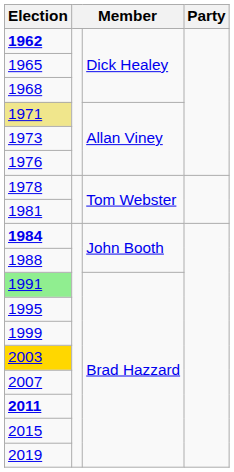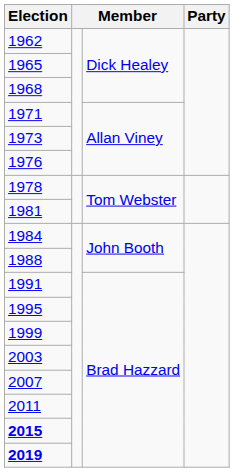 <table class="wikitable">
 <tr>
 <th>Election</th>
 <th colspan="2">Member</th>
 <th>Party</th>
 </tr>
 <tr>
-<td><strong><a href='#'>1962</a></strong></td>
+<td><a href='#'>1962</a></td>
 <td rowspan="6" > </td>
 <td rowspan="3"><a href='#'>Dick Healey</a></td>
 <td rowspan="6"></td>
 </tr>
 <tr>
 <td><a href='#'>1965</a></td>
 </tr>
 <tr>
 <td><a href='#'>1968</a></td>
 </tr>
 <tr>
-<td style="background: khaki;"><a href='#'>1971</a></td>
+<td><a href='#'>1971</a></td>
 <td rowspan="3"><a href='#'>Allan Viney</a></td>
 </tr>
 <tr>
 <td><a href='#'>1973</a></td>
 </tr>
 <tr>
 <td><a href='#'>1976</a></td>
 </tr>
 <tr>
 <td><a href='#'>1978</a></td>
 <td rowspan="2" > </td>
 <td rowspan="2"><a href='#'>Tom Webster</a></td>
 <td rowspan="2"></td>
 </tr>
 <tr>
 <td><a href='#'>1981</a></td>
 </tr>
 <tr>
-<td><strong><a href='#'>1984</a></strong></td>
+<td><a href='#'>1984</a></td>
 <td rowspan="10" > </td>
 <td rowspan="2"><a href='#'>John Booth</a></td>
 <td rowspan="10"></td>
 </tr>
 <tr>
 <td><a href='#'>1988</a></td>
 </tr>
 <tr>
-<td style="background: lightgreen;"><a href='#'>1991</a></td>
+<td><a href='#'>1991</a></td>
 <td rowspan="8"><a href='#'>Brad Hazzard</a></td>
 </tr>
 <tr>
 <td><a href='#'>1995</a></td>
 </tr>
 <tr>
 <td><a href='#'>1999</a></td>
 </tr>
 <tr>
-<td style="background: gold;"><a href='#'>2003</a></td>
+<td><a href='#'>2003</a></td>
 </tr>
 <tr>
 <td><a href='#'>2007</a></td>
 </tr>
 <tr>
-<td><strong><a href='#'>2011</a></strong></td>
+<td><a href='#'>2011</a></td>
 </tr>
 <tr>
-<td><a href='#'>2015</a></td>
+<td><strong><a href='#'>2015</a></strong></td>
 </tr>
 <tr>
-<td><a href='#'>2019</a></td>
+<td><strong><a href='#'>2019</a></strong></td>
 </tr>
 </table>
